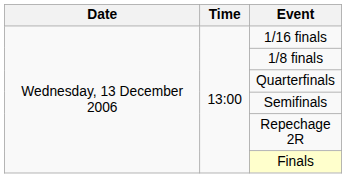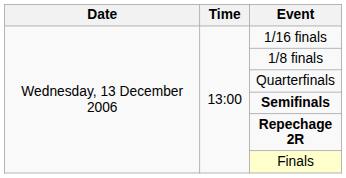 <table class = "wikitable" style="text-align:center;">
 <tr>
 <th width=220>Date</th>
 <th width=50>Time</th>
 <th width=100>Event</th>
 </tr>
 <tr>
 <td rowspan=6>Wednesday, 13 December 2006</td>
 <td rowspan=6>13:00</td>
 <td>1/16 finals</td>
 </tr>
 <tr>
 <td>1/8 finals</td>
 </tr>
 <tr>
 <td>Quarterfinals</td>
 </tr>
 <tr>
-<td>Semifinals</td>
+<td><strong>Semifinals</strong></td>
 </tr>
 <tr>
-<td>Repechage 2R</td>
+<td><strong>Repechage 2R</strong></td>
 </tr>
 <tr>
 <td bgcolor=ffffcc>Finals</td>
 </tr>
 </table>
